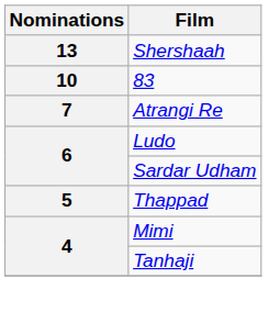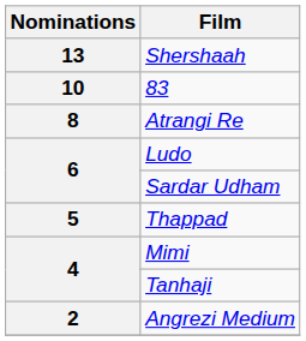 <table class="wikitable" style="display:inline-table;">
 <tr>
 <th>Nominations</th>
 <th>Film</th>
 </tr>
 <tr>
 <th>13</th>
 <td><em><a href='#'>Shershaah</a></em></td>
 </tr>
 <tr>
 <th>10</th>
 <td><em><a href='#'>83</a></em></td>
 </tr>
 <tr>
-<th>7</th>
+<th>8</th>
 <td><em><a href='#'>Atrangi Re</a></em></td>
 </tr>
 <tr>
 <th rowspan="2">6</th>
 <td><em><a href='#'>Ludo</a></em></td>
 </tr>
 <tr>
 <td><em><a href='#'>Sardar Udham</a></em></td>
 </tr>
 <tr>
 <th>5</th>
 <td><em><a href='#'>Thappad</a></em></td>
 </tr>
 <tr>
 <th rowspan="2">4</th>
 <td><em><a href='#'>Mimi</a></em></td>
 </tr>
 <tr>
 <td><em><a href='#'>Tanhaji</a></em></td>
 </tr>
 <tr>
+<th>2</th>
+<td><em><a href='#'>Angrezi Medium</a></em></td>
+</tr>
+<tr>
 </tr>
 </table>
